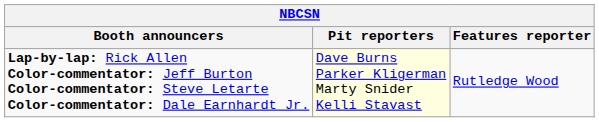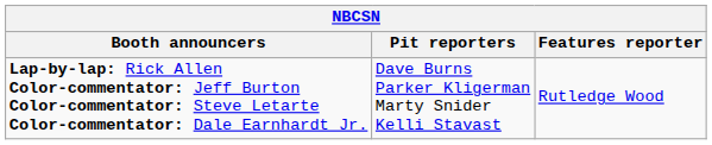 <table class="wikitable" style="font-size: 95%">
 <tr>
 <th colspan="3"><a href='#'>NBCSN</a></th>
 </tr>
 <tr>
 <th>Booth announcers</th>
 <th>Pit reporters</th>
 <th>Features reporter</th>
 </tr>
 <tr>
 <td><strong>Lap-by-lap:</strong> <a href='#'>Rick Allen</a><br><strong>Color-commentator:</strong> <a href='#'>Jeff Burton</a><br><strong>Color-commentator:</strong> <a href='#'>Steve Letarte</a><br><strong>Color-commentator:</strong> <a href='#'>Dale Earnhardt Jr.</a></td>
-<td style="background: lightyellow;"><a href='#'>Dave Burns</a><br><a href='#'>Parker Kligerman</a><br>Marty Snider<br><a href='#'>Kelli Stavast</a></td>
+<td><a href='#'>Dave Burns</a><br><a href='#'>Parker Kligerman</a><br>Marty Snider<br><a href='#'>Kelli Stavast</a></td>
 <td><a href='#'>Rutledge Wood</a></td>
 </tr>
 </table>
